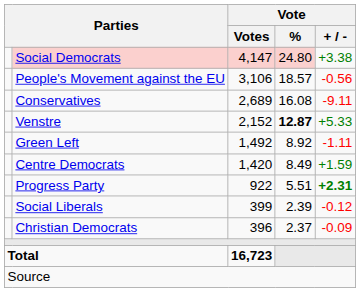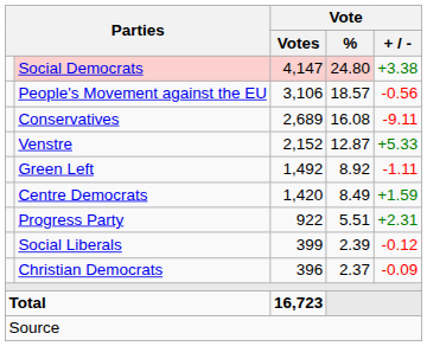 <table class="wikitable" style="text-align:right;">
 <tr>
 <th style="text-align:centre;" rowspan="2" colspan="2" width="225">Parties</th>
 <th colspan="3">Vote</th>
 </tr>
 <tr>
 <th width="15">Votes</th>
 <th width="15">%</th>
 <th width="15">+ / -</th>
 </tr>
 <tr>
 <td width="2" style="color:inherit;background:"></td>
 <td bgcolor=#fbd0ce   align="left"><a href='#'>Social Democrats</a></td>
 <td bgcolor=#fbd0ce>4,147</td>
 <td bgcolor=#fbd0ce>24.80</td>
 <td style=color:green;>+3.38</td>
 </tr>
 <tr>
 <td width="2" style="color:inherit;background:"></td>
 <td align="left"><a href='#'>People's Movement against the EU</a></td>
 <td>3,106</td>
 <td>18.57</td>
 <td style=color:red;>-0.56</td>
 </tr>
 <tr>
 <td width="2" style="color:inherit;background:"></td>
 <td align="left"><a href='#'>Conservatives</a></td>
 <td>2,689</td>
 <td>16.08</td>
 <td style=color:red;>-9.11</td>
 </tr>
 <tr>
 <td width="2" style="color:inherit;background:"></td>
 <td align="left"><a href='#'>Venstre</a></td>
 <td>2,152</td>
-<td><strong>12.87</strong></td>
+<td>12.87</td>
 <td style=color:green;>+5.33</td>
 </tr>
 <tr>
 <td width="2" style="color:inherit;background:"></td>
 <td align="left"><a href='#'>Green Left</a></td>
 <td>1,492</td>
 <td>8.92</td>
 <td style=color:red;>-1.11</td>
 </tr>
 <tr>
 <td width="2" style="color:inherit;background:"></td>
 <td align="left"><a href='#'>Centre Democrats</a></td>
 <td>1,420</td>
 <td>8.49</td>
 <td style=color:green;>+1.59</td>
 </tr>
 <tr>
 <td width="2" style="color:inherit;background:"></td>
 <td align="left"><a href='#'>Progress Party</a></td>
 <td>922</td>
 <td>5.51</td>
-<td style=color:green;><strong>+2.31</strong></td>
+<td style=color:green;>+2.31</td>
 </tr>
 <tr>
 <td width="2" style="color:inherit;background:"></td>
 <td align="left"><a href='#'>Social Liberals</a></td>
 <td>399</td>
 <td>2.39</td>
 <td style=color:red;>-0.12</td>
 </tr>
 <tr>
 <td width="2" style="color:inherit;background:"></td>
 <td align="left"><a href='#'>Christian Democrats</a></td>
 <td>396</td>
 <td>2.37</td>
 <td style=color:red;>-0.09</td>
 </tr>
 <tr>
 <td colspan="7" bgcolor="#E9E9E9"></td>
 </tr>
 <tr>
 <td align="left" colspan="2"><strong>Total</strong></td>
 <td><strong>16,723</strong></td>
 <td bgcolor="#E9E9E9" colspan="2"></td>
 </tr>
 <tr>
 <td align="left" colspan="6">Source</td>
 </tr>
 </table>
